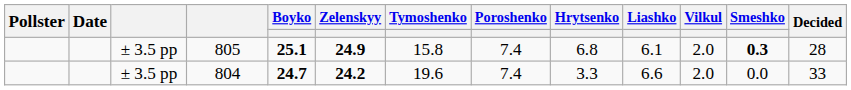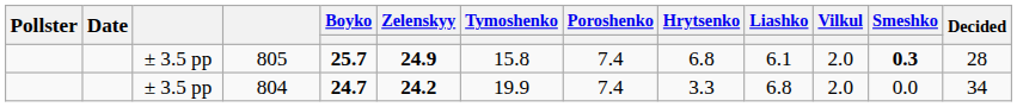 <table class="wikitable" style="text-align:center;font-size:95%;line-height:14px;">
 <tr>
 <th rowspan=2>Pollster</th>
 <th rowspan=2>Date</th>
 <th style="width:60px;" class=unsortable rowspan=2></th>
 <th style="width:65px;" class=unsortable rowspan=2></th>
 <th> <small><a href='#'>Boyko</a></small><br></th>
 <th><small><a href='#'>Zelenskyy</a></small><br></th>
 <th><small><a href='#'>Tymoshenko</a></small><br></th>
 <th> <small><a href='#'>Poroshenko</a></small><br></th>
 <th><small><a href='#'>Hrytsenko</a></small><br></th>
 <th><small><a href='#'>Liashko</a></small><br></th>
 <th><small><a href='#'>Vilkul</a></small><br></th>
 <th><small><a href='#'>Smeshko</a></small><br></th>
 <th rowspan=2><small>Decided</small></th>
 </tr>
 <tr>
 <th style="background:"></th>
 <th style="background:"></th>
 <th style="background:"></th>
 <th style="background:"></th>
 <th style="background:"></th>
 <th style="background:"></th>
 <th style="background:"></th>
 <th style="background:"></th>
 </tr>
 <tr>
 <td> </td>
 <td></td>
 <td>± 3.5 pp</td>
 <td>805</td>
-<td style="background-color:#"><strong>25.1</strong></td>
+<td style="background-color:#"><strong>25.7</strong></td>
 <td style="background-color:#"><strong>24.9</strong></td>
 <td>15.8</td>
 <td>7.4</td>
 <td>6.8</td>
 <td>6.1</td>
 <td>2.0</td>
 <td><strong>0.3</strong></td>
 <td>28</td>
 </tr>
 <tr>
 <td> </td>
 <td></td>
 <td>± 3.5 pp</td>
 <td>804</td>
 <td style="background-color:#"><strong>24.7</strong></td>
 <td style="background-color:#"><strong>24.2</strong></td>
-<td>19.6</td>
+<td>19.9</td>
 <td>7.4</td>
 <td>3.3</td>
-<td>6.6</td>
+<td>6.8</td>
 <td>2.0</td>
 <td>0.0</td>
-<td>33</td>
+<td>34</td>
 </tr>
 </table>
